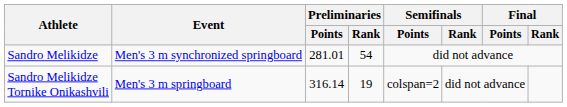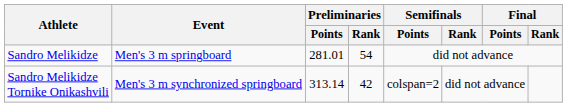 <table class=wikitable style="font-size:90%;">
 <tr>
 <th rowspan="2">Athlete</th>
 <th rowspan="2">Event</th>
 <th colspan="2">Preliminaries</th>
 <th colspan="2">Semifinals</th>
 <th colspan="2">Final</th>
 </tr>
 <tr style="font-size:95%">
 <th>Points</th>
 <th>Rank</th>
 <th>Points</th>
 <th>Rank</th>
 <th>Points</th>
 <th>Rank</th>
 </tr>
 <tr align=center>
 <td align=left><a href='#'>Sandro Melikidze</a></td>
-<td align=left><a href='#'>Men's 3 m synchronized springboard</a></td>
+<td align=left><a href='#'>Men's 3 m springboard</a></td>
 <td>281.01</td>
 <td>54</td>
 <td colspan=4>did not advance</td>
 </tr>
 <tr align=center>
 <td align=left><a href='#'>Sandro Melikidze</a><br><a href='#'>Tornike Onikashvili</a></td>
-<td align=left><a href='#'>Men's 3 m springboard</a></td>
-<td>316.14</td>
-<td>19</td>
+<td align=left><a href='#'>Men's 3 m synchronized springboard</a></td>
+<td>313.14</td>
+<td>42</td>
 <td>colspan=2 </td>
 <td colspan=2>did not advance</td>
 </tr>
 </table>
